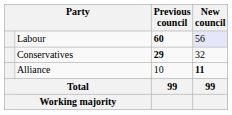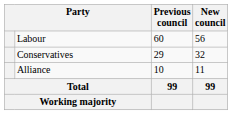 <table class="wikitable">
 <tr>
 <th valign=top colspan="2" style="width: 230px">Party</th>
 <th valign=top style="width: 30px">Previous council</th>
 <th valign=top style="width: 30px">New council</th>
 </tr>
 <tr>
 <th style="background-color: "></th>
 <td>Labour</td>
-<td><strong>60</strong></td>
-<td style="background: lavender;">56</td>
+<td>60</td>
+<td>56</td>
 </tr>
 <tr>
 <th style="background-color: "></th>
 <td>Conservatives</td>
-<td><strong>29</strong></td>
+<td>29</td>
 <td>32</td>
 </tr>
 <tr>
 <th style="background-color: "></th>
 <td>Alliance</td>
 <td>10</td>
-<td><strong>11</strong></td>
+<td>11</td>
 </tr>
 <tr>
 <th colspan=2>Total</th>
 <th style="text-align: center">99</th>
 <th colspan=3>99</th>
 </tr>
 <tr>
 <th colspan=2>Working majority</th>
 <th></th>
 <th></th>
 </tr>
 </table>
